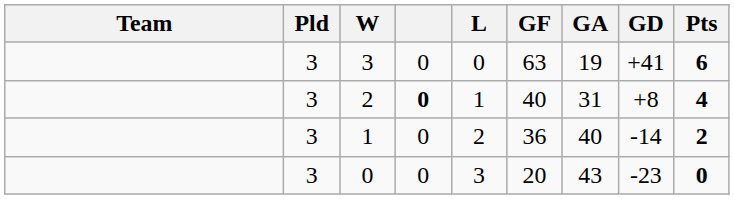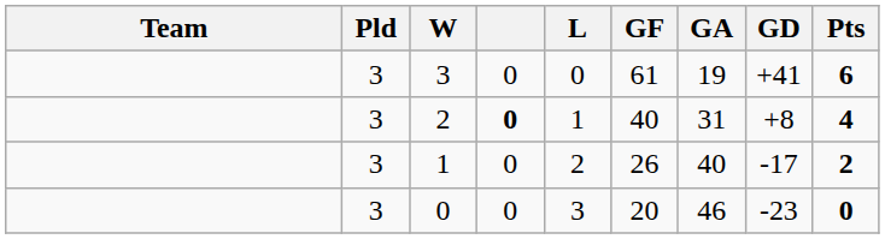 <table class="wikitable" style="text-align: center;">
 <tr>
 <th width="180">Team</th>
 <th width="30">Pld</th>
 <th width="30">W</th>
 <th width="30"></th>
 <th width="30">L</th>
 <th width="30">GF</th>
 <th width="30">GA</th>
 <th width="30">GD</th>
 <th width="30">Pts</th>
 </tr>
 <tr>
 <td align=left></td>
 <td>3</td>
 <td>3</td>
 <td>0</td>
 <td>0</td>
-<td>63</td>
+<td>61</td>
 <td>19</td>
 <td>+41</td>
 <td><strong>6</strong></td>
 </tr>
 <tr>
 <td align=left></td>
 <td>3</td>
 <td>2</td>
 <td><strong>0</strong></td>
 <td>1</td>
 <td>40</td>
 <td>31</td>
 <td>+8</td>
 <td><strong>4</strong></td>
 </tr>
 <tr>
 <td align=left></td>
 <td>3</td>
 <td>1</td>
 <td>0</td>
 <td>2</td>
-<td>36</td>
+<td>26</td>
 <td>40</td>
-<td>-14</td>
+<td>-17</td>
 <td><strong>2</strong></td>
 </tr>
 <tr>
 <td align=left></td>
 <td>3</td>
 <td>0</td>
 <td>0</td>
 <td>3</td>
 <td>20</td>
-<td>43</td>
+<td>46</td>
 <td>-23</td>
 <td><strong>0</strong></td>
 </tr>
 </table>
